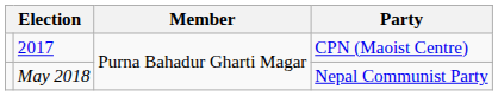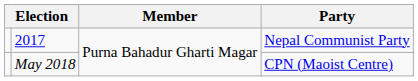 <table class="wikitable">
 <tr>
 <th colspan="2">Election</th>
 <th>Member</th>
 <th>Party</th>
 </tr>
 <tr>
 <td style="background-color:"></td>
 <td><a href='#'>2017</a></td>
 <td rowspan="2">Purna Bahadur Gharti Magar</td>
-<td><a href='#'>CPN (Maoist Centre)</a></td>
+<td><a href='#'>Nepal Communist Party</a></td>
 </tr>
 <tr>
 <td style="background-color:"></td>
 <td><em>May 2018</em></td>
-<td><a href='#'>Nepal Communist Party</a></td>
+<td><a href='#'>CPN (Maoist Centre)</a></td>
 </tr>
 </table>
